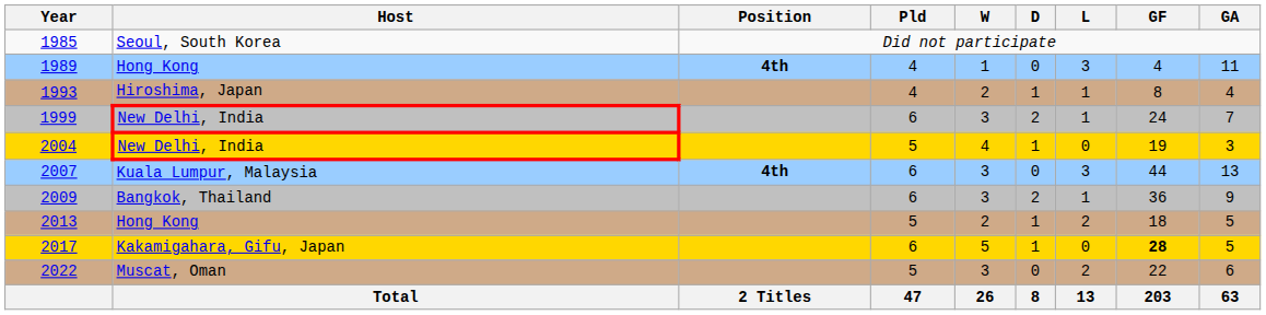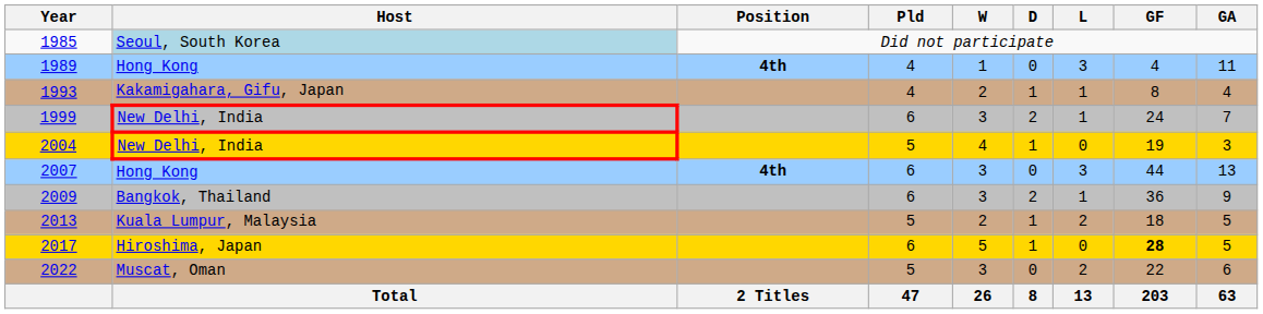 <table class="wikitable" style="text-align: center; width:85%">
 <tr>
 <th>Year</th>
 <th>Host</th>
 <th>Position</th>
 <th>Pld</th>
 <th>W</th>
 <th>D</th>
 <th>L</th>
 <th>GF</th>
 <th>GA</th>
 </tr>
 <tr>
 <td><a href='#'>1985</a></td>
-<td align=left> <a href='#'>Seoul</a>, South Korea</td>
+<td align=left style="background: lightblue;"> <a href='#'>Seoul</a>, South Korea</td>
 <td colspan=8><em>Did not participate</em></td>
 </tr>
 <tr style="background:#9acdff;">
 <td><a href='#'>1989</a></td>
 <td align=left> <a href='#'>Hong Kong</a></td>
 <td><strong>4th</strong></td>
 <td>4</td>
 <td>1</td>
 <td>0</td>
 <td>3</td>
 <td>4</td>
 <td>11</td>
 </tr>
 <tr bgcolor=#CFAA88>
 <td><a href='#'>1993</a></td>
-<td align=left> <a href='#'>Hiroshima</a>, Japan</td>
+<td align=left> <a href='#'>Kakamigahara, Gifu</a>, Japan</td>
 <td></td>
 <td>4</td>
 <td>2</td>
 <td>1</td>
 <td>1</td>
 <td>8</td>
 <td>4</td>
 </tr>
 <tr bgcolor=silver>
 <td><a href='#'>1999</a></td>
 <td align=left style="border: 3px solid red"> <a href='#'>New Delhi</a>, India</td>
 <td></td>
 <td>6</td>
 <td>3</td>
 <td>2</td>
 <td>1</td>
 <td>24</td>
 <td>7</td>
 </tr>
 <tr bgcolor=gold>
 <td><a href='#'>2004</a></td>
 <td align=left style="border: 3px solid red"> <a href='#'>New Delhi</a>, India</td>
 <td></td>
 <td>5</td>
 <td>4</td>
 <td>1</td>
 <td>0</td>
 <td>19</td>
 <td>3</td>
 </tr>
 <tr style="background:#9acdff;">
 <td><a href='#'>2007</a></td>
-<td align=left> <a href='#'>Kuala Lumpur</a>, Malaysia</td>
+<td align=left> <a href='#'>Hong Kong</a></td>
 <td><strong>4th</strong></td>
 <td>6</td>
 <td>3</td>
 <td>0</td>
 <td>3</td>
 <td>44</td>
 <td>13</td>
 </tr>
 <tr bgcolor=silver>
 <td><a href='#'>2009</a></td>
 <td align=left> <a href='#'>Bangkok</a>, Thailand</td>
 <td></td>
 <td>6</td>
 <td>3</td>
 <td>2</td>
 <td>1</td>
 <td>36</td>
 <td>9</td>
 </tr>
 <tr bgcolor=#CFAA88>
 <td><a href='#'>2013</a></td>
-<td align=left> <a href='#'>Hong Kong</a></td>
+<td align=left> <a href='#'>Kuala Lumpur</a>, Malaysia</td>
 <td></td>
 <td>5</td>
 <td>2</td>
 <td>1</td>
 <td>2</td>
 <td>18</td>
 <td>5</td>
 </tr>
 <tr bgcolor=gold>
 <td><a href='#'>2017</a></td>
-<td align=left> <a href='#'>Kakamigahara, Gifu</a>, Japan</td>
+<td align=left> <a href='#'>Hiroshima</a>, Japan</td>
 <td></td>
 <td>6</td>
 <td>5</td>
 <td>1</td>
 <td>0</td>
 <td><strong>28</strong></td>
 <td>5</td>
 </tr>
 <tr bgcolor=#CFAA88>
 <td><a href='#'>2022</a></td>
 <td align=left> <a href='#'>Muscat</a>, Oman</td>
 <td></td>
 <td>5</td>
 <td>3</td>
 <td>0</td>
 <td>2</td>
 <td>22</td>
 <td>6</td>
 </tr>
 <tr>
 <th></th>
 <th>Total</th>
 <th>2 Titles</th>
 <th>47</th>
 <th>26</th>
 <th>8</th>
 <th>13</th>
 <th>203</th>
 <th>63</th>
 </tr>
 </table>
